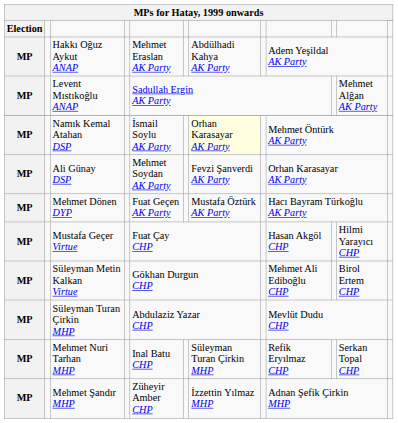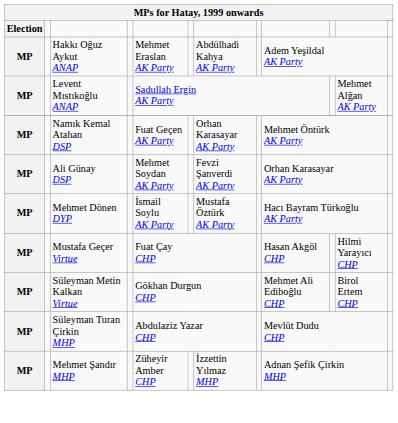 <table class="wikitable">
 <tr>
 <th colspan = 12>MPs for Hatay, 1999 onwards</th>
 </tr>
 <tr>
 <th rowspan = 2>Election</th>
 <td rowspan="2" style="width:1px;"></td>
 <td rowspan = 2></td>
 <td rowspan="2" style="width:1px;"></td>
 <td rowspan = 2></td>
 <td rowspan="2" style="width:1px;"></td>
 <td rowspan = 2></td>
 <td rowspan="2" style="width:1px;"></td>
 <td rowspan = 2></td>
 <td rowspan="2" style="width:1px;"></td>
 <td rowspan = 2></td>
 </tr>
 <tr>
 <td></td>
 </tr>
 <tr>
 <th>MP</th>
 <td width=1px style="background-color: "></td>
 <td colspan = 1>Hakkı Oğuz Aykut<br><em><a href='#'>ANAP</a></em></td>
 <td width=1px style="background-color: "></td>
 <td colspan = 1>Mehmet Eraslan<br><em><a href='#'>AK Party</a></em></td>
 <td width=1px style="background-color: "></td>
 <td colspan = 1>Abdülhadi Kahya<br><em><a href='#'>AK Party</a></em></td>
 <td width=1px style="background-color: "></td>
 <td colspan = 3>Adem Yeşildal<br><em><a href='#'>AK Party</a></em></td>
 <td width=1px style="background-color: "></td>
 </tr>
 <tr>
 <th>MP</th>
 <td width=1px style="background-color: "></td>
 <td colspan = 1>Levent Mıstıkoğlu<br><em><a href='#'>ANAP</a></em></td>
 <td width=1px style="background-color: "></td>
 <td colspan = 5><a href='#'>Sadullah Ergin</a><br><em><a href='#'>AK Party</a></em></td>
 <td width=1px style="background-color: "></td>
 <td colspan = 1>Mehmet Alğan<br><em><a href='#'>AK Party</a></em></td>
 <td width=1px style="background-color: "></td>
 </tr>
 <tr>
 </tr>
 <tr>
 <th>MP</th>
 <td width=1px style="background-color: "></td>
 <td colspan = 1>Namık Kemal Atahan<br><em><a href='#'>DSP</a></em></td>
 <td width=1px style="background-color: "></td>
-<td colspan = 1>İsmail Soylu<br><em><a href='#'>AK Party</a></em></td>
+<td colspan = 1>Fuat Geçen<br><em><a href='#'>AK Party</a></em></td>
 <td width=1px style="background-color: "></td>
-<td colspan = 1 style="background: lightyellow;">Orhan Karasayar<br><em><a href='#'>AK Party</a></em></td>
+<td colspan = 1>Orhan Karasayar<br><em><a href='#'>AK Party</a></em></td>
 <td width=1px style="background-color: "></td>
 <td colspan = 3>Mehmet Öntürk<br><em><a href='#'>AK Party</a></em></td>
 <td width=1px style="background-color: "></td>
 </tr>
 <tr>
 <th>MP</th>
 <td width=1px style="background-color: "></td>
 <td colspan = 1>Ali Günay<br><em><a href='#'>DSP</a></em></td>
 <td width=1px style="background-color: "></td>
 <td colspan = 1>Mehmet Soydan<br><em><a href='#'>AK Party</a></em></td>
 <td width=1px style="background-color: "></td>
 <td colspan = 1>Fevzi Şanverdi<br><em><a href='#'>AK Party</a></em></td>
 <td width=1px style="background-color: "></td>
 <td colspan = 3>Orhan Karasayar<br><em><a href='#'>AK Party</a></em></td>
 <td width=1px style="background-color: "></td>
 </tr>
 <tr>
 <th>MP</th>
 <td width=1px style="background-color: "></td>
 <td colspan = 1>Mehmet Dönen<br><em><a href='#'>DYP</a></em></td>
 <td width=1px style="background-color: "></td>
-<td colspan = 1>Fuat Geçen<br><em><a href='#'>AK Party</a></em></td>
+<td colspan = 1>İsmail Soylu<br><em><a href='#'>AK Party</a></em></td>
 <td width=1px style="background-color: "></td>
 <td colspan = 1>Mustafa Öztürk<br><em><a href='#'>AK Party</a></em></td>
 <td width=1px style="background-color: "></td>
 <td colspan = 3>Hacı Bayram Türkoğlu<br><em><a href='#'>AK Party</a></em></td>
 <td width=1px style="background-color: "></td>
 </tr>
 <tr>
 <th>MP</th>
 <td width=1px style="background-color: "></td>
 <td colspan = 1>Mustafa Geçer<br><em><a href='#'>Virtue</a></em></td>
 <td width=1px style="background-color: "></td>
 <td colspan = 3>Fuat Çay<br><em><a href='#'>CHP</a></em></td>
 <td width=1px style="background-color: "></td>
 <td colspan = 1>Hasan Akgöl<br><em><a href='#'>CHP</a></em></td>
 <td width=1px style="background-color: "></td>
 <td colspan = 1>Hilmi Yarayıcı<br><em><a href='#'>CHP</a></em></td>
 <td width=1px style="background-color: "></td>
 </tr>
 <tr>
 <th>MP</th>
 <td width=1px style="background-color: "></td>
 <td colspan = 1>Süleyman Metin Kalkan<br><em><a href='#'>Virtue</a></em></td>
 <td width=1px style="background-color: "></td>
 <td colspan = 3>Gökhan Durgun<br><em><a href='#'>CHP</a></em></td>
 <td width=1px style="background-color: "></td>
 <td colspan = 1>Mehmet Ali Ediboğlu<br><em><a href='#'>CHP</a></em></td>
 <td width=1px style="background-color: "></td>
 <td colspan = 1>Birol Ertem<br><em><a href='#'>CHP</a></em></td>
 <td width=1px style="background-color: "></td>
 </tr>
 <tr>
 <th>MP</th>
 <td width=1px style="background-color: "></td>
 <td colspan = 1>Süleyman Turan Çirkin<br><em><a href='#'>MHP</a></em></td>
 <td width=1px style="background-color: "></td>
 <td colspan = 3>Abdulaziz Yazar<br><em><a href='#'>CHP</a></em></td>
 <td width=1px style="background-color: "></td>
 <td colspan = 3>Mevlüt Dudu<br><em><a href='#'>CHP</a></em></td>
 <td width=1px style="background-color: "></td>
 </tr>
 <tr>
 <th>MP</th>
 <td width=1px style="background-color: "></td>
-<td colspan = 1>Mehmet Nuri Tarhan<br><em><a href='#'>MHP</a></em></td>
-<td width=1px style="background-color: "></td>
-<td colspan = 1>Inal Batu<br><em><a href='#'>CHP</a></em></td>
-<td width=1px style="background-color: "></td>
-<td colspan = 1>Süleyman Turan Çirkin<br><em><a href='#'>MHP</a></em></td>
-<td width=1px style="background-color: "></td>
-<td colspan = 1>Refik Eryılmaz<br><em><a href='#'>CHP</a></em></td>
-<td width=1px style="background-color: "></td>
-<td colspan = 1>Serkan Topal<br><em><a href='#'>CHP</a></em></td>
-<td width=1px style="background-color: "></td>
-</tr>
-<tr>
-<th>MP</th>
-<td width=1px style="background-color: "></td>
 <td colspan = 1>Mehmet Şandır<br><em><a href='#'>MHP</a></em></td>
 <td width=1px style="background-color: "></td>
 <td colspan = 1>Züheyir Amber<br><em><a href='#'>CHP</a></em></td>
 <td width=1px style="background-color: "></td>
 <td colspan = 1>İzzettin Yılmaz<br><em><a href='#'>MHP</a></em></td>
 <td width=1px style="background-color: "></td>
 <td colspan = 3>Adnan Şefik Çirkin<br><em><a href='#'>MHP</a></em></td>
 <td width=1px style="background-color: "></td>
 </tr>
 </table>
